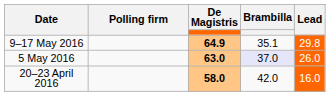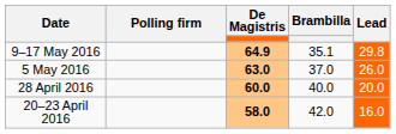 <table class=wikitable style="text-align:center;font-size:85%;line-height:13px">
 <tr style="height:30px; background-color:#E9E9E9">
 <th style="width:100px;" rowspan="2">Date</th>
 <th style="width:120px;" rowspan="2">Polling firm</th>
 <th style="width:55px;">De Magistris</th>
 <th style="width:55px;">Brambilla</th>
 <th style="width:30px;" rowspan="2">Lead</th>
 </tr>
 <tr>
 <th style="background:#FF6600;"></th>
 <th style="background:"></th>
 </tr>
 <tr>
 <td>9–17 May 2016</td>
 <td></td>
 <td style="background:#FFC686"><strong>64.9</strong></td>
 <td>35.1</td>
 <td style="background:#FF6600; color:white;">29.8</td>
 </tr>
 <tr>
 <td>5 May 2016</td>
 <td></td>
 <td style="background:#FFC686"><strong>63.0</strong></td>
-<td style="background: lavender;">37.0</td>
+<td>37.0</td>
 <td style="background:#FF6600; color:white;">26.0</td>
+</tr>
+<tr>
+<td>28 April 2016</td>
+<td></td>
+<td style="background:#FFC686"><strong>60.0</strong></td>
+<td>40.0</td>
+<td style="background:#FF6600; color:white;">20.0</td>
 </tr>
 <tr>
 <td>20–23 April 2016</td>
 <td></td>
 <td style="background:#FFC686"><strong>58.0</strong></td>
 <td>42.0</td>
 <td style="background:#FF6600; color:white;">16.0</td>
 </tr>
 </table>
